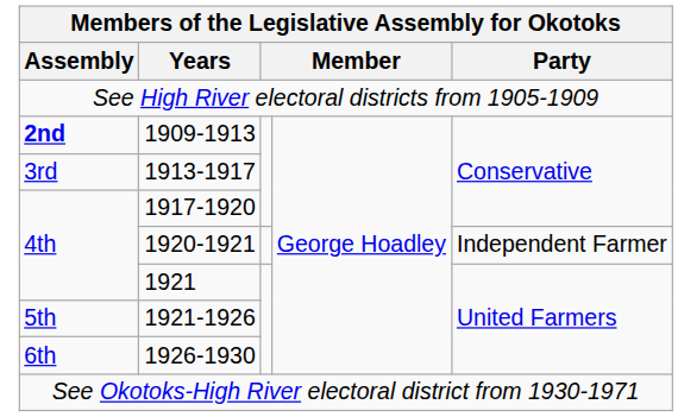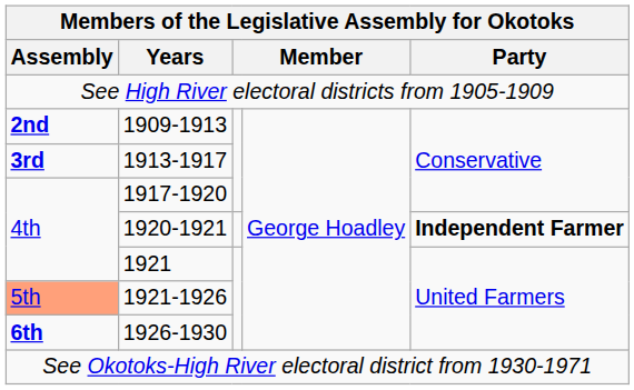 <table class="wikitable" align=right>
 <tr>
 <th colspan=5>Members of the Legislative Assembly for Okotoks</th>
 </tr>
 <tr>
 <th>Assembly</th>
 <th>Years</th>
 <th colspan="2">Member</th>
 <th>Party</th>
 </tr>
 <tr>
 <td align="center" colspan=5><em>See <a href='#'>High River</a> electoral districts from 1905-1909</em></td>
 </tr>
 <tr>
 <td><strong><a href='#'>2nd</a></strong></td>
 <td>1909-1913</td>
 <td rowspan=3 ></td>
 <td rowspan=7><a href='#'>George Hoadley</a></td>
 <td rowspan=3><a href='#'>Conservative</a></td>
 </tr>
 <tr>
-<td><a href='#'>3rd</a></td>
+<td><strong><a href='#'>3rd</a></strong></td>
 <td>1913-1917</td>
 </tr>
 <tr>
 <td rowspan=3><a href='#'>4th</a></td>
 <td>1917-1920</td>
 </tr>
 <tr>
 <td>1920-1921</td>
 <td></td>
-<td>Independent Farmer</td>
+<td><strong>Independent Farmer</strong></td>
 </tr>
 <tr>
 <td>1921</td>
 <td rowspan=3 ></td>
 <td rowspan=3><a href='#'>United Farmers</a></td>
 </tr>
 <tr>
-<td><a href='#'>5th</a></td>
+<td style="background: lightsalmon;"><a href='#'>5th</a></td>
 <td>1921-1926</td>
 </tr>
 <tr>
-<td><a href='#'>6th</a></td>
+<td><strong><a href='#'>6th</a></strong></td>
 <td>1926-1930</td>
 </tr>
 <tr>
 <td align="center" colspan=5><em>See <a href='#'>Okotoks-High River</a> electoral district from 1930-1971</em></td>
 </tr>
 </table>
